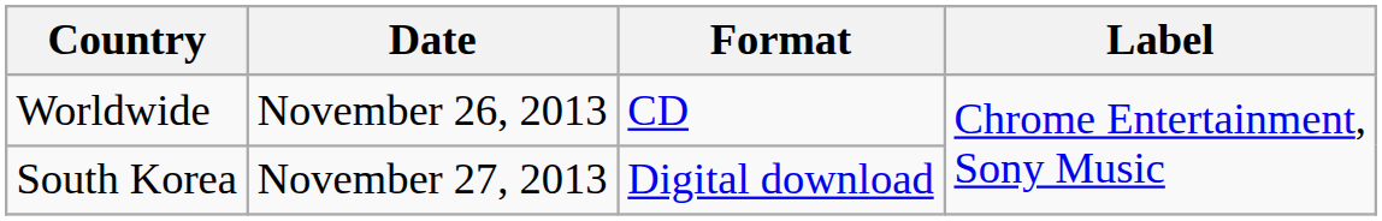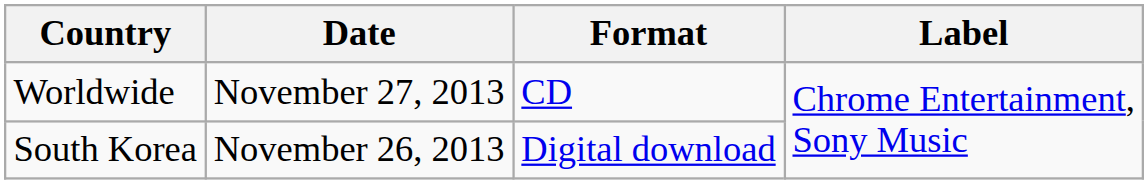 <table class="wikitable plainrowheaders">
 <tr>
 <th scope="col">Country</th>
 <th>Date</th>
 <th>Format</th>
 <th>Label</th>
 </tr>
 <tr>
 <td>Worldwide</td>
-<td rowspan="1">November 26, 2013</td>
+<td>November 27, 2013</td>
 <td><a href='#'>CD</a></td>
 <td rowspan="2"><a href='#'>Chrome Entertainment</a>, <br><a href='#'>Sony Music</a></td>
 </tr>
 <tr>
 <td>South Korea</td>
-<td>November 27, 2013</td>
+<td rowspan="1">November 26, 2013</td>
 <td><a href='#'>Digital download</a></td>
 </tr>
 </table>
